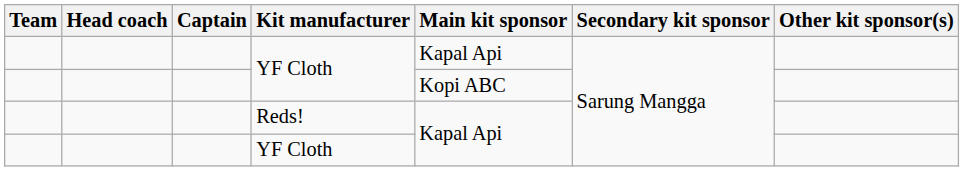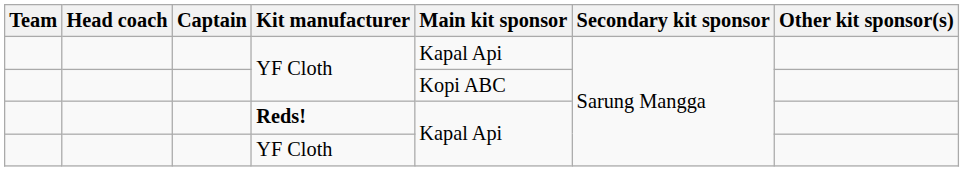 <table class="wikitable">
 <tr>
 <th>Team</th>
 <th>Head coach</th>
 <th>Captain</th>
 <th class="nowrap">Kit manufacturer</th>
 <th>Main kit sponsor</th>
 <th>Secondary kit sponsor</th>
 <th>Other kit sponsor(s)</th>
 </tr>
 <tr>
 <td></td>
 <td></td>
 <td></td>
 <td rowspan=2> YF Cloth</td>
 <td>Kapal Api</td>
 <td rowspan=4>Sarung Mangga</td>
 <td></td>
 </tr>
 <tr>
 <td></td>
 <td></td>
 <td></td>
 <td>Kopi ABC</td>
 <td></td>
 </tr>
 <tr>
 <td></td>
 <td></td>
 <td></td>
-<td> Reds!</td>
+<td><strong> Reds!</strong></td>
 <td rowspan=2>Kapal Api</td>
 <td></td>
 </tr>
 <tr>
 <td></td>
 <td></td>
 <td></td>
 <td> YF Cloth</td>
 <td></td>
 </tr>
 </table>
